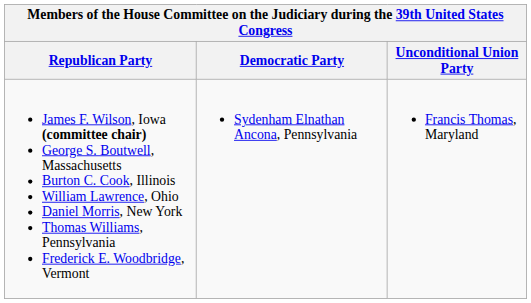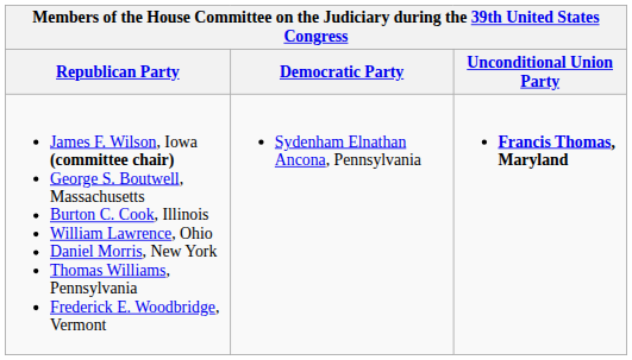 <table class=wikitable>
 <tr>
 <th Colspan=3>Members of the House Committee on the Judiciary during the <a href='#'>39th United States Congress</a></th>
 </tr>
 <tr>
 <th><a href='#'>Republican Party</a></th>
 <th><a href='#'>Democratic Party</a></th>
 <th><a href='#'>Unconditional Union Party</a></th>
 </tr>
 <tr>
 <td valign=top ><br><ul><li><a href='#'>James F. Wilson</a>, Iowa <strong>(committee chair)</strong></li><li><a href='#'>George S. Boutwell</a>, Massachusetts</li><li><a href='#'>Burton C. Cook</a>, Illinois</li><li><a href='#'>William Lawrence</a>, Ohio</li><li><a href='#'>Daniel Morris</a>, New York</li><li><a href='#'>Thomas Williams</a>, Pennsylvania</li><li><a href='#'>Frederick E. Woodbridge</a>, Vermont</li></ul></td>
 <td valign=top ><br><ul><li><a href='#'>Sydenham Elnathan Ancona</a>, Pennsylvania</li></ul></td>
-<td valign=top><br><ul><li><a href='#'>Francis Thomas</a>, Maryland</li></ul></td>
+<td valign=top><strong><br><ul><li><a href='#'>Francis Thomas</a>, Maryland</li></ul></strong></td>
 </tr>
 </table>
